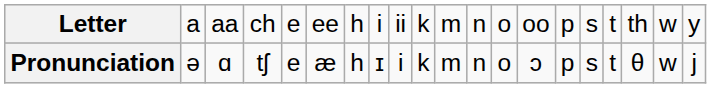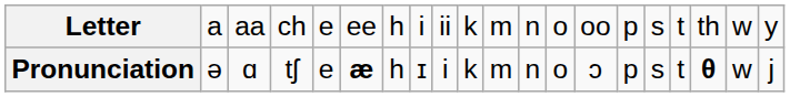 <table class="wikitable" style="text-align: center;">
 <tr>
 <th>Letter</th>
 <td>a</td>
 <td>aa</td>
 <td>ch</td>
 <td>e</td>
 <td>ee</td>
 <td>h</td>
 <td>i</td>
 <td>ii</td>
 <td>k</td>
 <td>m</td>
 <td>n</td>
 <td>o</td>
 <td>oo</td>
 <td>p</td>
 <td>s</td>
 <td>t</td>
 <td>th</td>
 <td>w</td>
 <td>y</td>
 </tr>
 <tr>
 <th>Pronunciation</th>
 <td>ə</td>
 <td>ɑ</td>
 <td>tʃ</td>
 <td>e</td>
-<td>æ</td>
+<td><strong>æ</strong></td>
 <td>h</td>
 <td>ɪ</td>
 <td>i</td>
 <td>k</td>
 <td>m</td>
 <td>n</td>
 <td>o</td>
 <td>ɔ</td>
 <td>p</td>
 <td>s</td>
 <td>t</td>
-<td>θ</td>
+<td><strong>θ</strong></td>
 <td>w</td>
 <td>j</td>
 </tr>
 </table>
